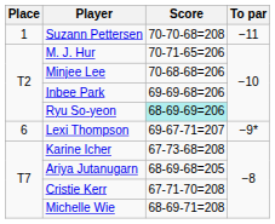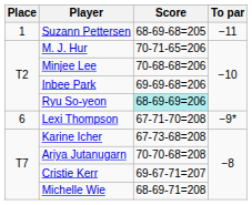 <table class="wikitable">
 <tr>
 <th>Place</th>
 <th>Player</th>
 <th>Score</th>
 <th>To par</th>
 </tr>
 <tr>
 <td align=center>1</td>
 <td> <a href='#'>Suzann Pettersen</a></td>
-<td>70-70-68=208</td>
+<td>68-69-68=205</td>
 <td align=center>−11</td>
 </tr>
 <tr>
 <td align=center rowspan=4>T2</td>
 <td> <a href='#'>M. J. Hur</a></td>
 <td>70-71-65=206</td>
 <td align=center rowspan=4>−10</td>
 </tr>
 <tr>
 <td> <a href='#'>Minjee Lee</a></td>
 <td>70-68-68=206</td>
 </tr>
 <tr>
 <td> <a href='#'>Inbee Park</a></td>
 <td>69-69-68=206</td>
 </tr>
 <tr>
 <td> <a href='#'>Ryu So-yeon</a></td>
 <td style="background: paleturquoise;">68-69-69=206</td>
 </tr>
 <tr>
 <td align=center>6</td>
 <td> <a href='#'>Lexi Thompson</a></td>
-<td>69-67-71=207</td>
+<td>67-71-70=208</td>
 <td align=center>−9*</td>
 </tr>
 <tr>
 <td align=center rowspan=4>T7</td>
 <td> <a href='#'>Karine Icher</a></td>
 <td>67-73-68=208</td>
 <td align=center rowspan=4>−8</td>
 </tr>
 <tr>
 <td> <a href='#'>Ariya Jutanugarn</a></td>
-<td>68-69-68=205</td>
+<td>70-70-68=208</td>
 </tr>
 <tr>
 <td> <a href='#'>Cristie Kerr</a></td>
-<td>67-71-70=208</td>
+<td>69-67-71=207</td>
 </tr>
 <tr>
 <td> <a href='#'>Michelle Wie</a></td>
 <td>68-69-71=208</td>
 </tr>
 </table>
